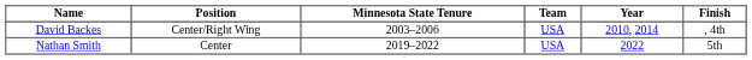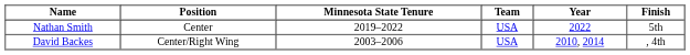 <table cellpadding="1" border="1" cellspacing="0" width="80%">
 <tr>
 <th>Name</th>
 <th>Position</th>
 <th>Minnesota State Tenure</th>
 <th>Team</th>
 <th>Year</th>
 <th>Finish</th>
 </tr>
 <tr align="center">
+<td><a href='#'>Nathan Smith</a></td>
+<td>Center</td>
+<td>2019–2022</td>
+<td> <a href='#'>USA</a></td>
+<td><a href='#'>2022</a></td>
+<td>5th</td>
+</tr>
+<tr align="center">
 <td><a href='#'>David Backes</a></td>
 <td>Center/Right Wing</td>
 <td>2003–2006</td>
 <td> <a href='#'>USA</a></td>
 <td><a href='#'>2010</a>, <a href='#'>2014</a></td>
 <td>, 4th</td>
 </tr>
 <tr align="center">
-<td><a href='#'>Nathan Smith</a></td>
-<td>Center</td>
-<td>2019–2022</td>
-<td> <a href='#'>USA</a></td>
-<td><a href='#'>2022</a></td>
-<td>5th</td>
-</tr>
-<tr align="center">
 </tr>
 </table>
